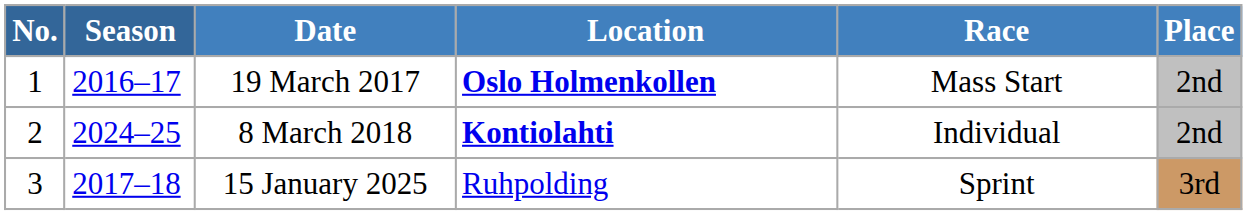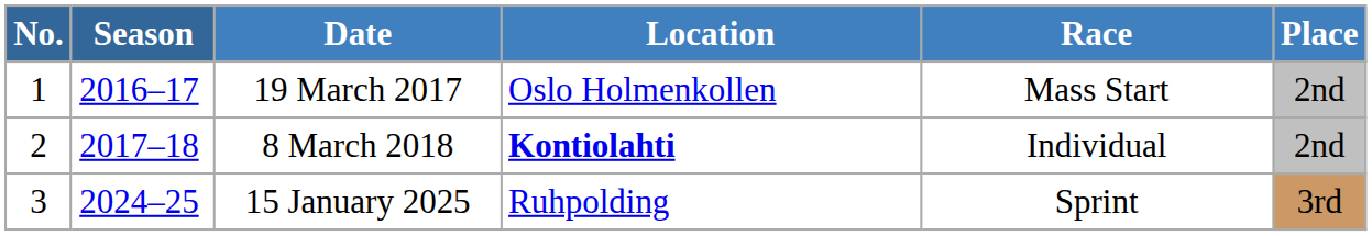 <table class="wikitable sortable" style="font-size:95%; text-align:center; border:grey solid 1px; border-collapse:collapse; background:#ffffff;">
 <tr style="background:#efefef;">
 <th style="background-color:#369; color:white;">No.</th>
 <th style="background-color:#369; color:white;">Season</th>
 <th style="background-color:#4180be; color:white; width:120px;">Date</th>
 <th style="background-color:#4180be; color:white; width:180px;">Location</th>
 <th style="background-color:#4180be; color:white; width:150px;">Race</th>
 <th style="background-color:#4180be; color:white;">Place</th>
 </tr>
 <tr>
 <td align=center>1</td>
 <td rowspan="1" align="center"><a href='#'>2016–17</a> </td>
 <td>19 March 2017</td>
-<td align=left><strong> <a href='#'>Oslo Holmenkollen</a></strong></td>
+<td align=left> <a href='#'>Oslo Holmenkollen</a></td>
 <td>Mass Start</td>
 <td align=center bgcolor=silver>2nd</td>
 </tr>
 <tr>
 <td align=center>2</td>
-<td rowspan="1" align="center"><a href='#'>2024–25</a> </td>
+<td rowspan="1" align="center"><a href='#'>2017–18</a> </td>
 <td>8 March 2018</td>
 <td align=left><strong> <a href='#'>Kontiolahti</a></strong></td>
 <td>Individual</td>
 <td align=center bgcolor=silver>2nd</td>
 </tr>
 <tr>
 <td align=center>3</td>
-<td rowspan="1" align="center"><a href='#'>2017–18</a> </td>
+<td rowspan="1" align="center"><a href='#'>2024–25</a> </td>
 <td>15 January 2025</td>
 <td align=left> <a href='#'>Ruhpolding</a></td>
 <td>Sprint</td>
 <td align=center bgcolor="cc9966">3rd</td>
 </tr>
 </table>
